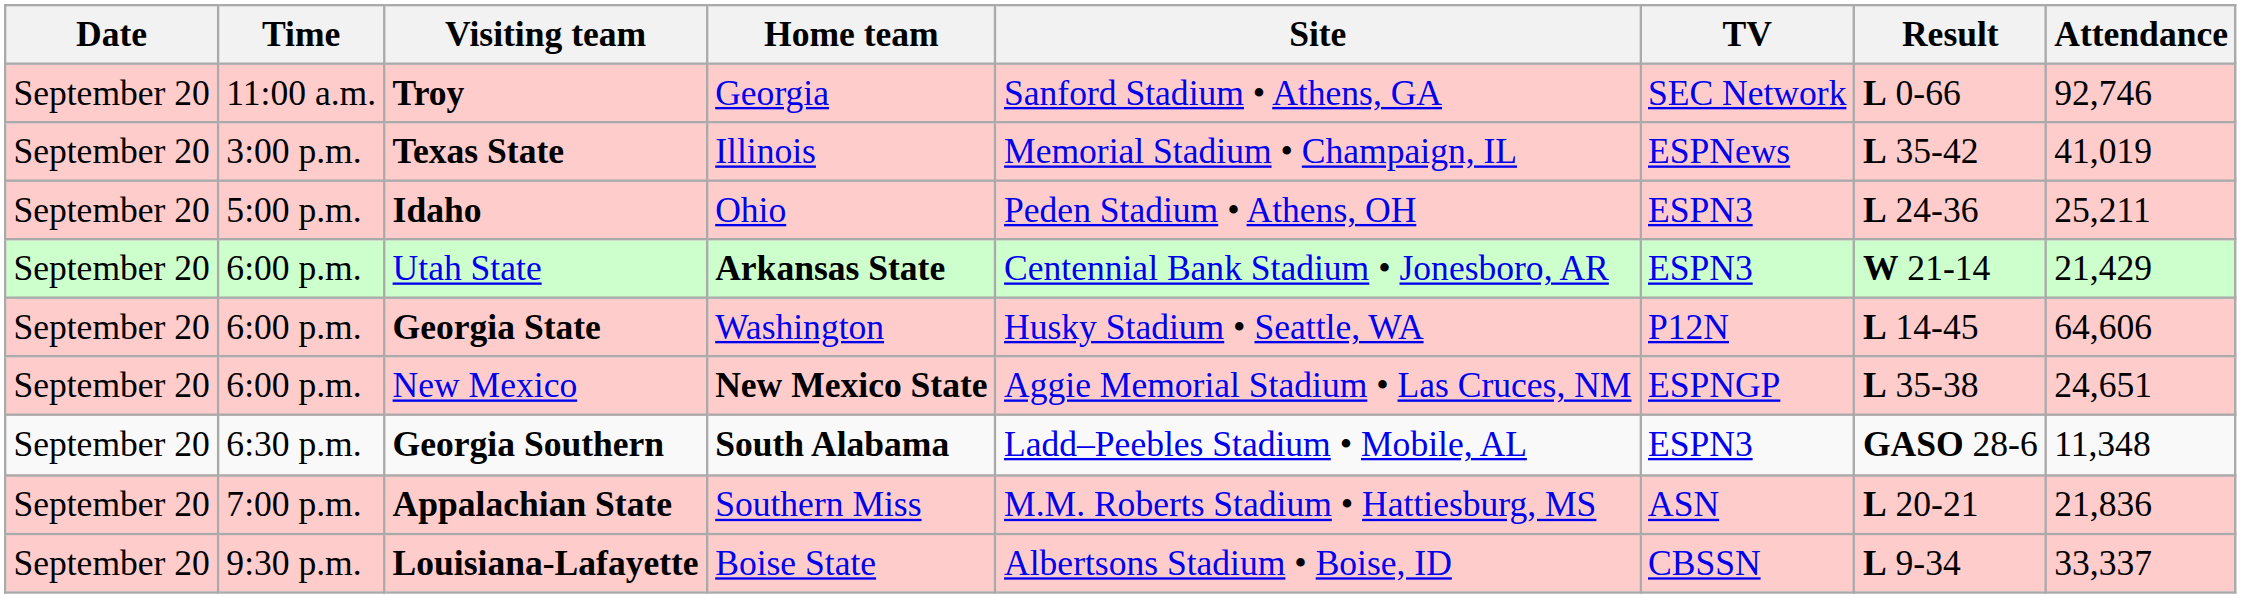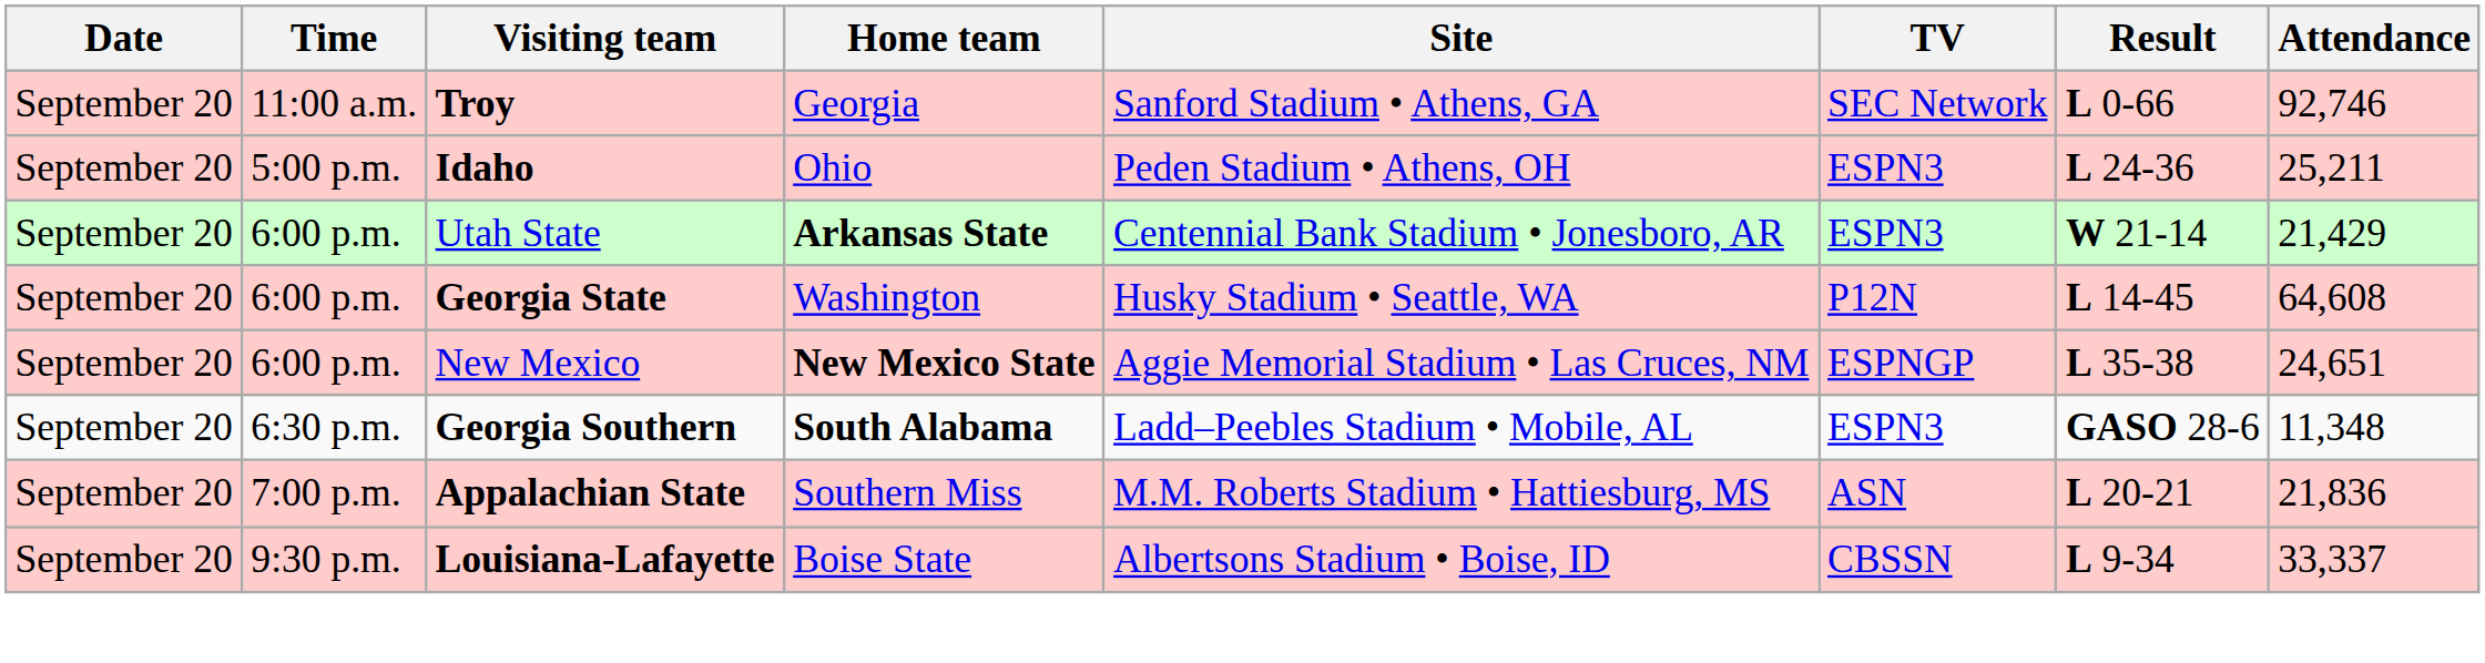 <table class="wikitable" style="font-size:95%;">
 <tr>
 <th>Date</th>
 <th>Time</th>
 <th>Visiting team</th>
 <th>Home team</th>
 <th>Site</th>
 <th>TV</th>
 <th>Result</th>
 <th>Attendance</th>
 </tr>
 <tr style="background:#fcc">
 <td>September 20</td>
 <td>11:00 a.m.</td>
 <td><strong>Troy</strong></td>
 <td><a href='#'>Georgia</a></td>
 <td><a href='#'>Sanford Stadium</a> • <a href='#'>Athens, GA</a></td>
 <td><a href='#'>SEC Network</a></td>
 <td><strong>L</strong> 0-66</td>
 <td>92,746</td>
-</tr>
-<tr style="background:#fcc">
-<td>September 20</td>
-<td>3:00 p.m.</td>
-<td><strong>Texas State</strong></td>
-<td><a href='#'>Illinois</a></td>
-<td><a href='#'>Memorial Stadium</a> • <a href='#'>Champaign, IL</a></td>
-<td><a href='#'>ESPNews</a></td>
-<td><strong>L</strong> 35-42</td>
-<td>41,019</td>
 </tr>
 <tr style="background:#fcc">
 <td>September 20</td>
 <td>5:00 p.m.</td>
 <td><strong>Idaho</strong></td>
 <td><a href='#'>Ohio</a></td>
 <td><a href='#'>Peden Stadium</a> • <a href='#'>Athens, OH</a></td>
 <td><a href='#'>ESPN3</a></td>
 <td><strong>L</strong> 24-36</td>
 <td>25,211</td>
 </tr>
 <tr style="background:#cfc">
 <td>September 20</td>
 <td>6:00 p.m.</td>
 <td><a href='#'>Utah State</a></td>
 <td><strong>Arkansas State</strong></td>
 <td><a href='#'>Centennial Bank Stadium</a> • <a href='#'>Jonesboro, AR</a></td>
 <td><a href='#'>ESPN3</a></td>
 <td><strong>W</strong> 21-14</td>
 <td>21,429</td>
 </tr>
 <tr style="background:#fcc">
 <td>September 20</td>
 <td>6:00 p.m.</td>
 <td><strong>Georgia State</strong></td>
 <td><a href='#'>Washington</a></td>
 <td><a href='#'>Husky Stadium</a> • <a href='#'>Seattle, WA</a></td>
 <td><a href='#'>P12N</a></td>
 <td><strong>L</strong> 14-45</td>
-<td>64,606</td>
+<td>64,608</td>
 </tr>
 <tr style="background:#fcc">
 <td>September 20</td>
 <td>6:00 p.m.</td>
 <td><a href='#'>New Mexico</a></td>
 <td><strong>New Mexico State</strong></td>
 <td><a href='#'>Aggie Memorial Stadium</a> • <a href='#'>Las Cruces, NM</a></td>
 <td><a href='#'>ESPNGP</a></td>
 <td><strong>L</strong> 35-38</td>
 <td>24,651</td>
 </tr>
 <tr style="background:">
 <td>September 20</td>
 <td>6:30 p.m.</td>
 <td><strong>Georgia Southern</strong></td>
 <td><strong>South Alabama</strong></td>
 <td><a href='#'>Ladd–Peebles Stadium</a> • <a href='#'>Mobile, AL</a></td>
 <td><a href='#'>ESPN3</a></td>
 <td><strong>GASO</strong> 28-6</td>
 <td>11,348</td>
 </tr>
 <tr style="background:#fcc">
 <td>September 20</td>
 <td>7:00 p.m.</td>
 <td><strong>Appalachian State</strong></td>
 <td><a href='#'>Southern Miss</a></td>
 <td><a href='#'>M.M. Roberts Stadium</a> • <a href='#'>Hattiesburg, MS</a></td>
 <td><a href='#'>ASN</a></td>
 <td><strong>L</strong> 20-21</td>
 <td>21,836</td>
 </tr>
 <tr style="background:#fcc">
 <td>September 20</td>
 <td>9:30 p.m.</td>
 <td><strong>Louisiana-Lafayette</strong></td>
 <td><a href='#'>Boise State</a></td>
 <td><a href='#'>Albertsons Stadium</a> • <a href='#'>Boise, ID</a></td>
 <td><a href='#'>CBSSN</a></td>
 <td><strong>L</strong> 9-34</td>
 <td>33,337</td>
 </tr>
 </table>
